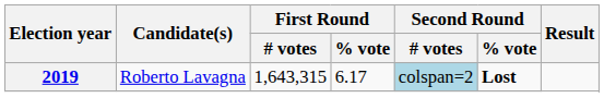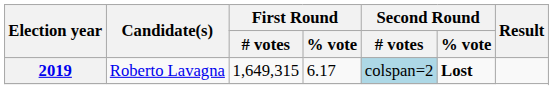 <table class="wikitable">
 <tr>
 <th rowspan="2">Election year</th>
 <th rowspan="2">Candidate(s)</th>
 <th colspan="2">First Round</th>
 <th colspan="2">Second Round</th>
 <th rowspan="2">Result</th>
 </tr>
 <tr>
 <th># votes</th>
 <th>% vote</th>
 <th># votes</th>
 <th>% vote</th>
 </tr>
 <tr>
 <th><a href='#'>2019</a></th>
 <td><a href='#'>Roberto Lavagna</a></td>
-<td>1,643,315</td>
+<td>1,649,315</td>
 <td>6.17</td>
 <td style="background: lightblue;">colspan=2 </td>
 <td> <strong>Lost</strong></td>
 </tr>
 <tr>
 </tr>
 </table>
